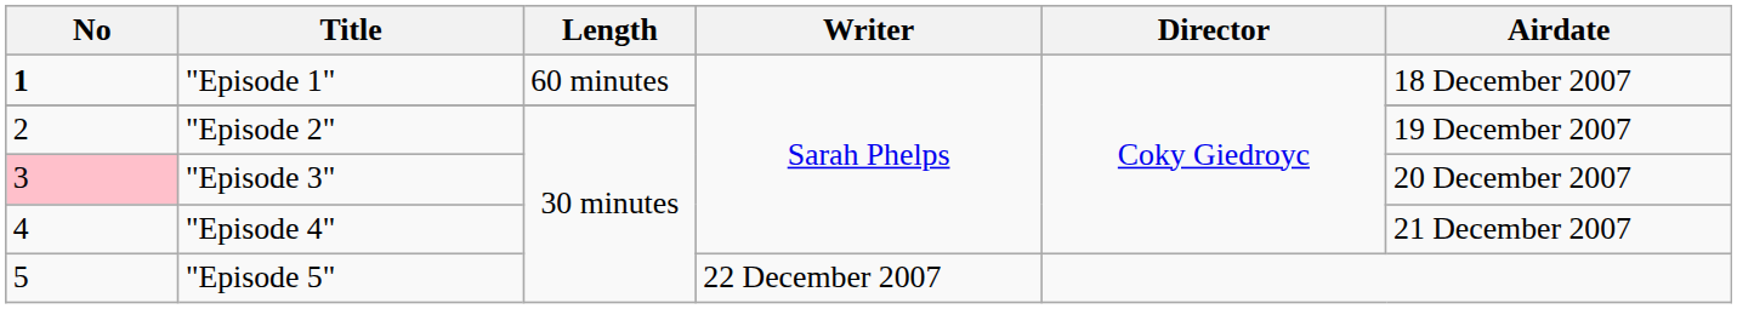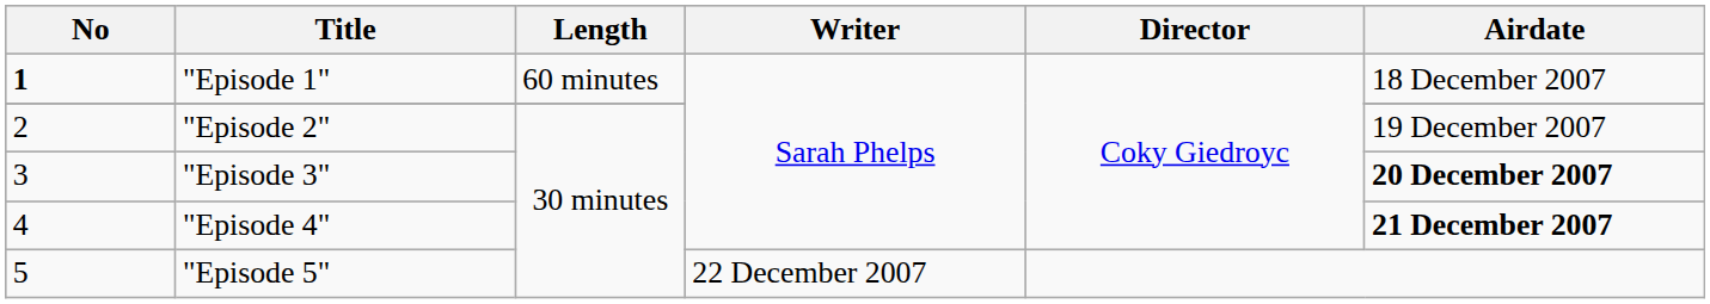 <table class="wikitable" width=100%>
 <tr>
 <th width="10%">No</th>
 <th width="20%">Title</th>
 <th width="10%">Length</th>
 <th width="20%">Writer</th>
 <th width="20%">Director</th>
 <th width="20%">Airdate</th>
 </tr>
 <tr>
 <td><strong>1</strong></td>
 <td>"Episode 1"</td>
 <td>60 minutes</td>
 <td rowspan="5" align="center"><a href='#'>Sarah Phelps</a></td>
 <td rowspan="5" align="center"><a href='#'>Coky Giedroyc</a></td>
 <td>18 December 2007</td>
 </tr>
 <tr>
 </tr>
 <tr>
 <td>2</td>
 <td>"Episode 2"</td>
 <td rowspan="4" align="center">30 minutes</td>
 <td>19 December 2007</td>
 </tr>
 <tr>
-<td style="background: pink;">3</td>
+<td>3</td>
 <td>"Episode 3"</td>
-<td>20 December 2007</td>
+<td><strong>20 December 2007</strong></td>
 </tr>
 <tr>
 <td>4</td>
 <td>"Episode 4"</td>
-<td>21 December 2007</td>
+<td><strong>21 December 2007</strong></td>
 </tr>
 <tr>
 <td>5</td>
 <td>"Episode 5"</td>
 <td>22 December 2007</td>
 </tr>
 </table>
